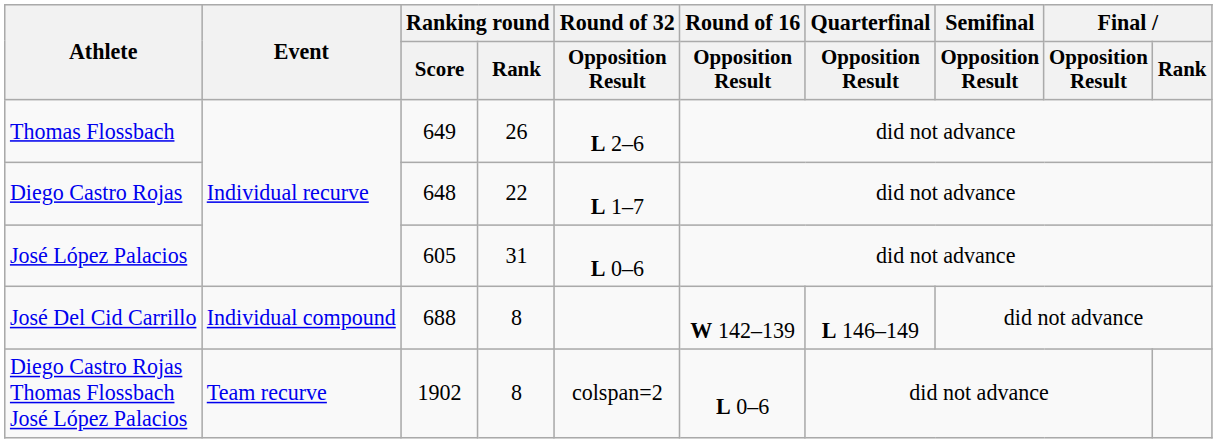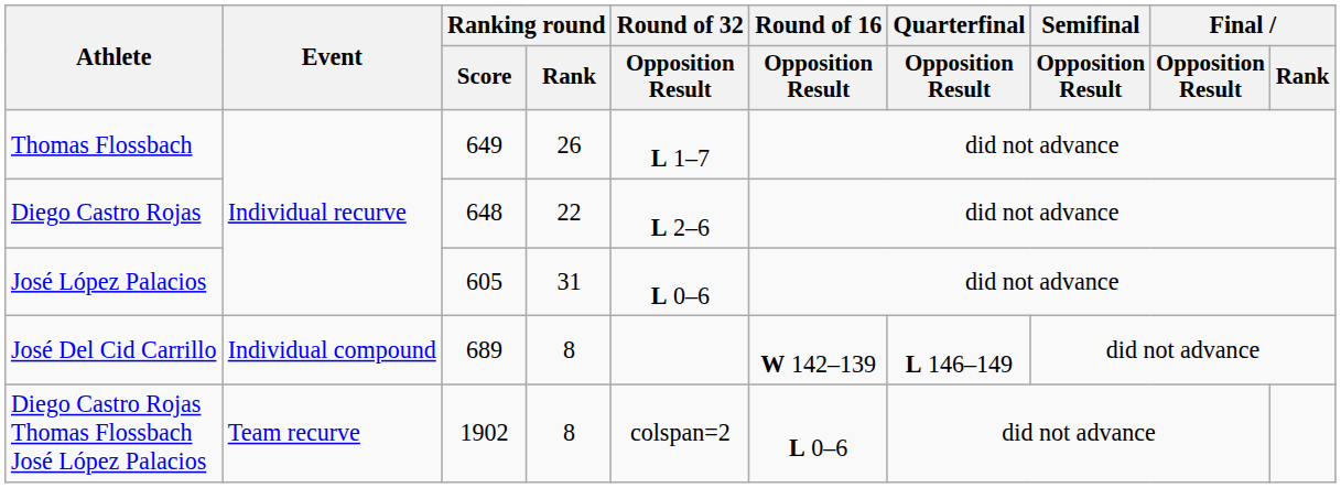 <table class=wikitable style=font-size:90%;text-align:center>
 <tr>
 <th rowspan=2>Athlete</th>
 <th rowspan=2>Event</th>
 <th colspan=2>Ranking round</th>
 <th>Round of 32</th>
 <th>Round of 16</th>
 <th>Quarterfinal</th>
 <th>Semifinal</th>
 <th colspan=2>Final / </th>
 </tr>
 <tr style=font-size:95%>
 <th>Score</th>
 <th>Rank</th>
 <th>Opposition<br>Result</th>
 <th>Opposition<br>Result</th>
 <th>Opposition<br>Result</th>
 <th>Opposition<br>Result</th>
 <th>Opposition<br>Result</th>
 <th>Rank</th>
 </tr>
 <tr>
 <td align=left><a href='#'>Thomas Flossbach</a></td>
 <td align=left rowspan=3><a href='#'>Individual recurve</a></td>
 <td>649</td>
 <td>26</td>
-<td><br><strong>L</strong> 2–6</td>
+<td><br><strong>L</strong> 1–7</td>
 <td colspan=5>did not advance</td>
 </tr>
 <tr align=center>
 <td align=left><a href='#'>Diego Castro Rojas</a></td>
 <td>648</td>
 <td>22</td>
-<td><br><strong>L</strong> 1–7</td>
+<td><br><strong>L</strong> 2–6</td>
 <td colspan=5>did not advance</td>
 </tr>
 <tr align=center>
 <td align=left><a href='#'>José López Palacios</a></td>
 <td>605</td>
 <td>31</td>
 <td><br><strong>L</strong> 0–6</td>
 <td colspan=5>did not advance</td>
 </tr>
 <tr align=center>
 <td align=left><a href='#'>José Del Cid Carrillo</a></td>
 <td align=left><a href='#'>Individual compound</a></td>
-<td>688</td>
+<td>689</td>
 <td>8</td>
 <td></td>
 <td><br><strong>W</strong> 142–139</td>
 <td><br><strong>L</strong> 146–149</td>
 <td colspan=3>did not advance</td>
 </tr>
 <tr align=center>
 <td align=left><a href='#'>Diego Castro Rojas</a><br><a href='#'>Thomas Flossbach</a><br><a href='#'>José López Palacios</a></td>
 <td align=left><a href='#'>Team recurve</a></td>
 <td>1902</td>
 <td>8</td>
 <td>colspan=2 </td>
 <td><br><strong>L</strong> 0–6</td>
 <td colspan=3>did not advance</td>
 </tr>
 </table>
